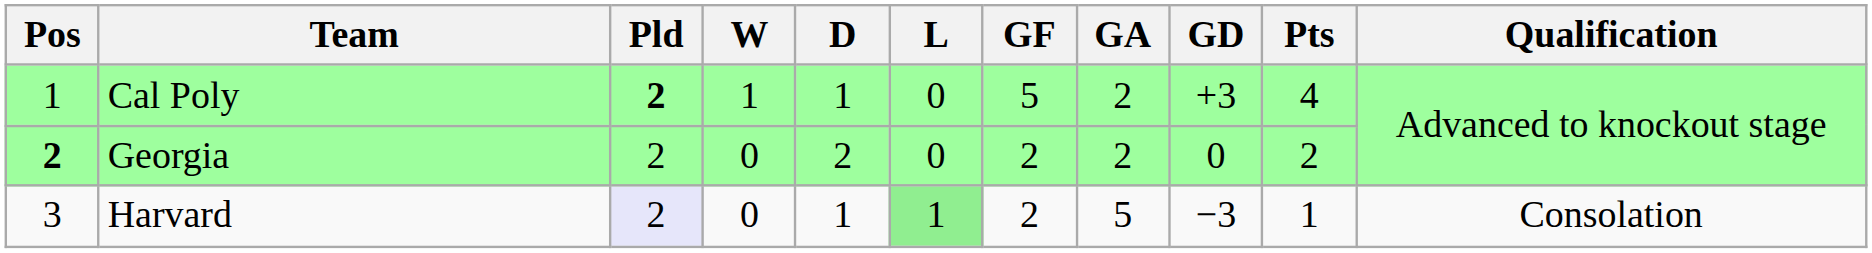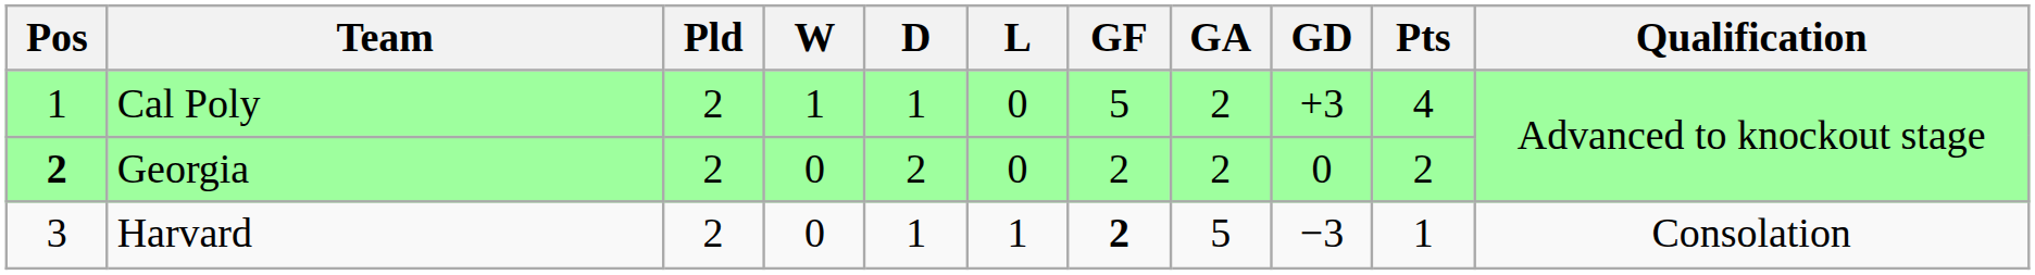 <table class="wikitable" style="text-align:center; margin: 1em auto">
 <tr>
 <th style="width:2em">Pos</th>
 <th style="width:13em">Team</th>
 <th style="width:2em">Pld</th>
 <th style="width:2em">W</th>
 <th style="width:2em">D</th>
 <th style="width:2em">L</th>
 <th style="width:2em">GF</th>
 <th style="width:2em">GA</th>
 <th style="width:2em">GD</th>
 <th style="width:2em">Pts</th>
 <th style="width:13em">Qualification</th>
 </tr>
 <tr bgcolor="#9eff9e">
 <td>1</td>
 <td style="text-align:left">Cal Poly</td>
-<td><strong>2</strong></td>
+<td>2</td>
 <td>1</td>
 <td>1</td>
 <td>0</td>
 <td>5</td>
 <td>2</td>
 <td>+3</td>
 <td>4</td>
 <td rowspan="2">Advanced to knockout stage</td>
 </tr>
 <tr bgcolor="#9eff9e">
 <td><strong>2</strong></td>
 <td style="text-align:left">Georgia</td>
 <td>2</td>
 <td>0</td>
 <td>2</td>
 <td>0</td>
 <td>2</td>
 <td>2</td>
 <td>0</td>
 <td>2</td>
 </tr>
 <tr>
 <td>3</td>
 <td style="text-align:left">Harvard</td>
-<td style="background: lavender;">2</td>
+<td>2</td>
 <td>0</td>
 <td>1</td>
-<td style="background: lightgreen;">1</td>
-<td>2</td>
+<td>1</td>
+<td><strong>2</strong></td>
 <td>5</td>
 <td>−3</td>
 <td>1</td>
 <td>Consolation</td>
 </tr>
 </table>
